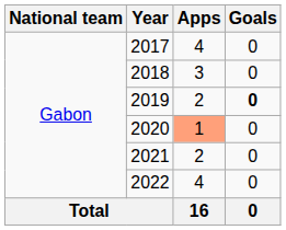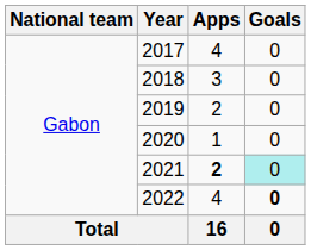 <table class="wikitable" style="text-align: center;">
 <tr>
 <th>National team</th>
 <th>Year</th>
 <th>Apps</th>
 <th>Goals</th>
 </tr>
 <tr>
 <td rowspan="6"><a href='#'>Gabon</a></td>
 <td>2017</td>
 <td>4</td>
 <td>0</td>
 </tr>
 <tr>
 <td>2018</td>
 <td>3</td>
 <td>0</td>
 </tr>
 <tr>
 <td>2019</td>
 <td>2</td>
-<td><strong>0</strong></td>
+<td>0</td>
 </tr>
 <tr>
 <td>2020</td>
-<td style="background: lightsalmon;">1</td>
+<td>1</td>
 <td>0</td>
 </tr>
 <tr>
 <td>2021</td>
-<td>2</td>
-<td>0</td>
+<td><strong>2</strong></td>
+<td style="background: paleturquoise;">0</td>
 </tr>
 <tr>
 <td>2022</td>
 <td>4</td>
-<td>0</td>
+<td><strong>0</strong></td>
 </tr>
 <tr>
 <th colspan="2">Total</th>
 <th>16</th>
 <th>0</th>
 </tr>
 </table>
